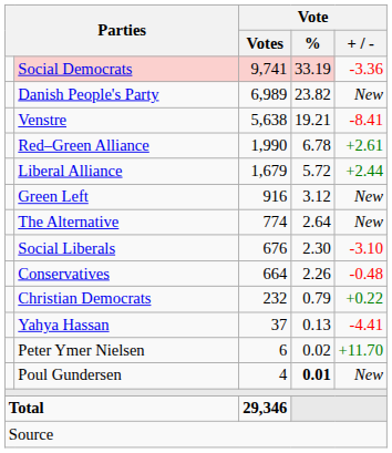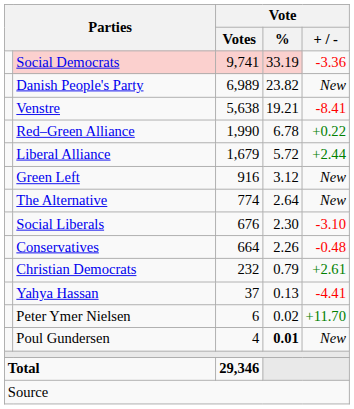 <table class="wikitable" style="text-align:right;">
 <tr>
 <th style="text-align:centre;" rowspan="2" colspan="2" width="225">Parties</th>
 <th colspan="3">Vote</th>
 </tr>
 <tr>
 <th width="15">Votes</th>
 <th width="15">%</th>
 <th width="15">+ / -</th>
 </tr>
 <tr>
 <td width="2" style="color:inherit;background:"></td>
 <td bgcolor=#fbd0ce  align="left"><a href='#'>Social Democrats</a></td>
 <td bgcolor=#fbd0ce>9,741</td>
 <td bgcolor=#fbd0ce>33.19</td>
 <td style=color:red;>-3.36</td>
 </tr>
 <tr>
 <td width="2" style="color:inherit;background:"></td>
 <td align="left"><a href='#'>Danish People's Party</a></td>
 <td>6,989</td>
 <td>23.82</td>
 <td><em>New</em></td>
 </tr>
 <tr>
 <td width="2" style="color:inherit;background:"></td>
 <td align="left"><a href='#'>Venstre</a></td>
 <td>5,638</td>
 <td>19.21</td>
 <td style=color:red;>-8.41</td>
 </tr>
 <tr>
 <td width="2" style="color:inherit;background:"></td>
 <td align="left"><a href='#'>Red–Green Alliance</a></td>
 <td>1,990</td>
 <td>6.78</td>
-<td style=color:green;>+2.61</td>
+<td style=color:green;>+0.22</td>
 </tr>
 <tr>
 <td width="2" style="color:inherit;background:"></td>
 <td align="left"><a href='#'>Liberal Alliance</a></td>
 <td>1,679</td>
 <td>5.72</td>
 <td style=color:green;>+2.44</td>
 </tr>
 <tr>
 <td width="2" style="color:inherit;background:"></td>
 <td align="left"><a href='#'>Green Left</a></td>
 <td>916</td>
 <td>3.12</td>
 <td><em>New</em></td>
 </tr>
 <tr>
 <td width="2" style="color:inherit;background:"></td>
 <td align="left"><a href='#'>The Alternative</a></td>
 <td>774</td>
 <td>2.64</td>
 <td><em>New</em></td>
 </tr>
 <tr>
 <td width="2" style="color:inherit;background:"></td>
 <td align="left"><a href='#'>Social Liberals</a></td>
 <td>676</td>
 <td>2.30</td>
 <td style=color:red;>-3.10</td>
 </tr>
 <tr>
 <td width="2" style="color:inherit;background:"></td>
 <td align="left"><a href='#'>Conservatives</a></td>
 <td>664</td>
 <td>2.26</td>
 <td style=color:red;>-0.48</td>
 </tr>
 <tr>
 <td width="2" style="color:inherit;background:"></td>
 <td align="left"><a href='#'>Christian Democrats</a></td>
 <td>232</td>
 <td>0.79</td>
-<td style=color:green;>+0.22</td>
+<td style=color:green;>+2.61</td>
 </tr>
 <tr>
 <td width="2" style="color:inherit;background:"></td>
 <td align="left"><a href='#'>Yahya Hassan</a></td>
 <td>37</td>
 <td>0.13</td>
 <td style=color:red;>-4.41</td>
 </tr>
 <tr>
 <td width="2" style="color:inherit;background:"></td>
 <td align="left">Peter Ymer Nielsen</td>
 <td>6</td>
 <td>0.02</td>
 <td style=color:green;>+11.70</td>
 </tr>
 <tr>
 <td width="2" style="color:inherit;background:"></td>
 <td align="left">Poul Gundersen</td>
 <td>4</td>
 <td><strong>0.01</strong></td>
 <td><em>New</em></td>
 </tr>
 <tr>
 <td colspan="7" bgcolor="#E9E9E9"></td>
 </tr>
 <tr>
 <td align="left" colspan="2"><strong>Total</strong></td>
 <td><strong>29,346</strong></td>
 <td bgcolor="#E9E9E9" colspan="2"></td>
 </tr>
 <tr>
 <td align="left" colspan="6">Source</td>
 </tr>
 </table>
